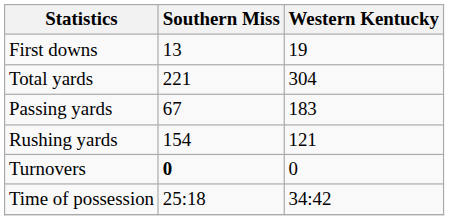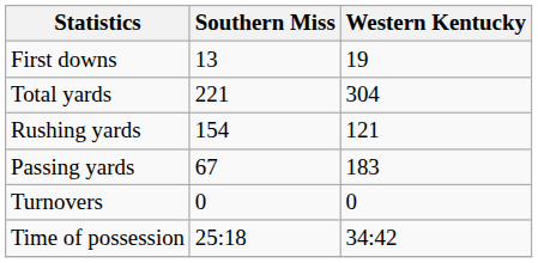 <table class="wikitable">
 <tr>
 <th>Statistics</th>
 <th>Southern Miss</th>
 <th>Western Kentucky</th>
 </tr>
 <tr>
 <td>First downs</td>
 <td>13</td>
 <td>19</td>
 </tr>
 <tr>
 <td>Total yards</td>
 <td>221</td>
 <td>304</td>
 </tr>
 <tr>
+<td>Rushing yards</td>
+<td>154</td>
+<td>121</td>
+</tr>
+<tr>
 <td>Passing yards</td>
 <td>67</td>
 <td>183</td>
 </tr>
 <tr>
-<td>Rushing yards</td>
-<td>154</td>
-<td>121</td>
-</tr>
-<tr>
 <td>Turnovers</td>
-<td><strong>0</strong></td>
+<td>0</td>
 <td>0</td>
 </tr>
 <tr>
 <td>Time of possession</td>
 <td>25:18</td>
 <td>34:42</td>
 </tr>
 <tr>
 </tr>
 </table>
